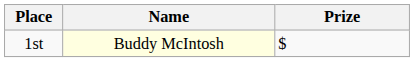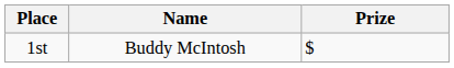 <table class="wikitable">
 <tr>
 <th width="50">Place</th>
 <th width="200">Name</th>
 <th width="125">Prize</th>
 </tr>
 <tr>
 <td align = "center">1st</td>
-<td align = "center" style="background: lightyellow;">Buddy McIntosh</td>
+<td align = "center">Buddy McIntosh</td>
 <td>$</td>
 </tr>
 <tr>
 </tr>
 </table>
